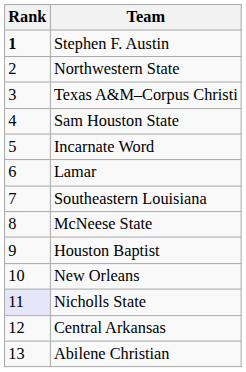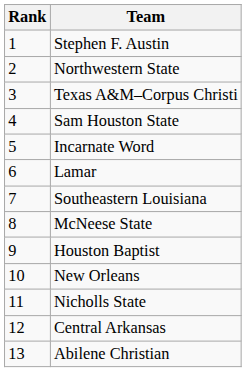 <table class=wikitable>
 <tr>
 <th>Rank</th>
 <th>Team</th>
 </tr>
 <tr>
-<td><strong>1</strong></td>
+<td>1</td>
 <td>Stephen F. Austin</td>
 </tr>
 <tr>
 <td>2</td>
 <td>Northwestern State</td>
 </tr>
 <tr>
 <td>3</td>
 <td>Texas A&M–Corpus Christi</td>
 </tr>
 <tr>
 <td>4</td>
 <td>Sam Houston State</td>
 </tr>
 <tr>
 <td>5</td>
 <td>Incarnate Word</td>
 </tr>
 <tr>
 <td>6</td>
 <td>Lamar</td>
 </tr>
 <tr>
 <td>7</td>
 <td>Southeastern Louisiana</td>
 </tr>
 <tr>
 <td>8</td>
 <td>McNeese State</td>
 </tr>
 <tr>
 <td>9</td>
 <td>Houston Baptist</td>
 </tr>
 <tr>
 <td>10</td>
 <td>New Orleans</td>
 </tr>
 <tr>
-<td style="background: lavender;">11</td>
+<td>11</td>
 <td>Nicholls State</td>
 </tr>
 <tr>
 <td>12</td>
 <td>Central Arkansas</td>
 </tr>
 <tr>
 <td>13</td>
 <td>Abilene Christian</td>
 </tr>
 </table>
